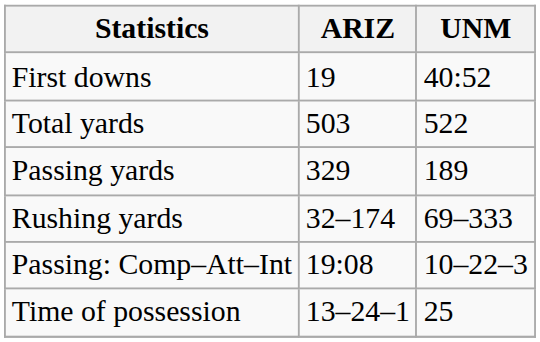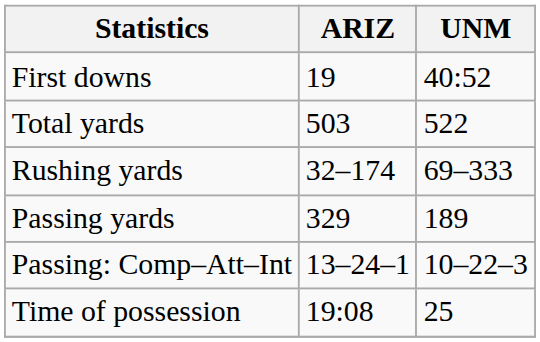 <table class="wikitable" style="float: left;">
 <tr>
 <th>Statistics</th>
 <th>ARIZ</th>
 <th>UNM</th>
 </tr>
 <tr>
 <td>First downs</td>
 <td>19</td>
 <td>40:52</td>
 </tr>
 <tr>
 <td>Total yards</td>
 <td>503</td>
 <td>522</td>
 </tr>
 <tr>
+<td>Rushing yards</td>
+<td>32–174</td>
+<td>69–333</td>
+</tr>
+<tr>
 <td>Passing yards</td>
 <td>329</td>
 <td>189</td>
 </tr>
 <tr>
-<td>Rushing yards</td>
-<td>32–174</td>
-<td>69–333</td>
-</tr>
-<tr>
 <td>Passing: Comp–Att–Int</td>
-<td>19:08</td>
+<td>13–24–1</td>
 <td>10–22–3</td>
 </tr>
 <tr>
 <td>Time of possession</td>
-<td>13–24–1</td>
+<td>19:08</td>
 <td>25</td>
 </tr>
 <tr>
 </tr>
 </table>
